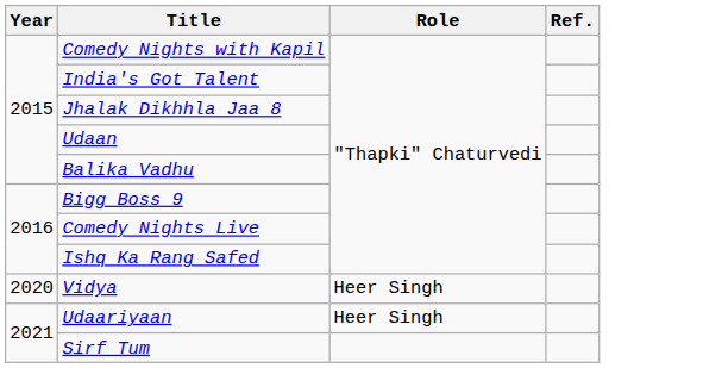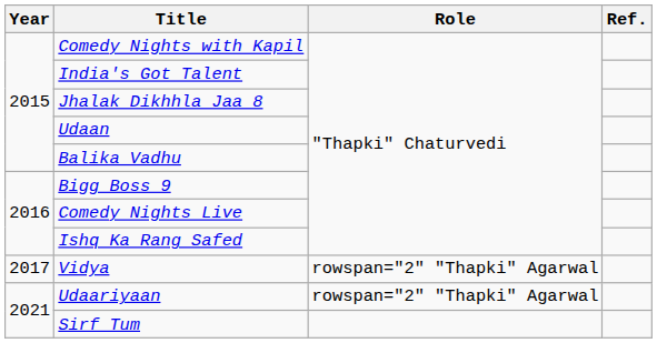 <table class="wikitable" style=>
 <tr>
 <th>Year</th>
 <th>Title</th>
 <th>Role</th>
 <th>Ref.</th>
 </tr>
 <tr>
 <td rowspan="5">2015</td>
 <td><em><a href='#'>Comedy Nights with Kapil</a></em></td>
 <td rowspan="8">"Thapki" Chaturvedi</td>
 <td></td>
 </tr>
 <tr>
 <td><em><a href='#'>India's Got Talent</a></em></td>
 <td></td>
 </tr>
 <tr>
 <td><em><a href='#'>Jhalak Dikhhla Jaa 8</a></em></td>
 <td></td>
 </tr>
 <tr>
 <td><em><a href='#'>Udaan</a></em></td>
 <td></td>
 </tr>
 <tr>
 <td><em><a href='#'>Balika Vadhu</a></em></td>
 <td></td>
 </tr>
 <tr>
 <td rowspan="3">2016</td>
 <td><em><a href='#'>Bigg Boss 9</a></em></td>
 <td></td>
 </tr>
 <tr>
 <td><em><a href='#'>Comedy Nights Live</a></em></td>
 <td></td>
 </tr>
 <tr>
 <td><em><a href='#'>Ishq Ka Rang Safed</a></em></td>
 <td></td>
 </tr>
 <tr>
-<td>2020</td>
+<td>2017</td>
 <td><em><a href='#'>Vidya</a></em></td>
-<td>Heer Singh</td>
+<td>rowspan="2"  "Thapki" Agarwal</td>
 <td></td>
 </tr>
 <tr>
 <td rowspan="2">2021</td>
 <td><em><a href='#'>Udaariyaan</a></em></td>
-<td>Heer Singh</td>
+<td>rowspan="2"  "Thapki" Agarwal</td>
 <td></td>
 </tr>
 <tr>
 <td><em><a href='#'>Sirf Tum</a></em></td>
 <td></td>
 </tr>
 </table>
